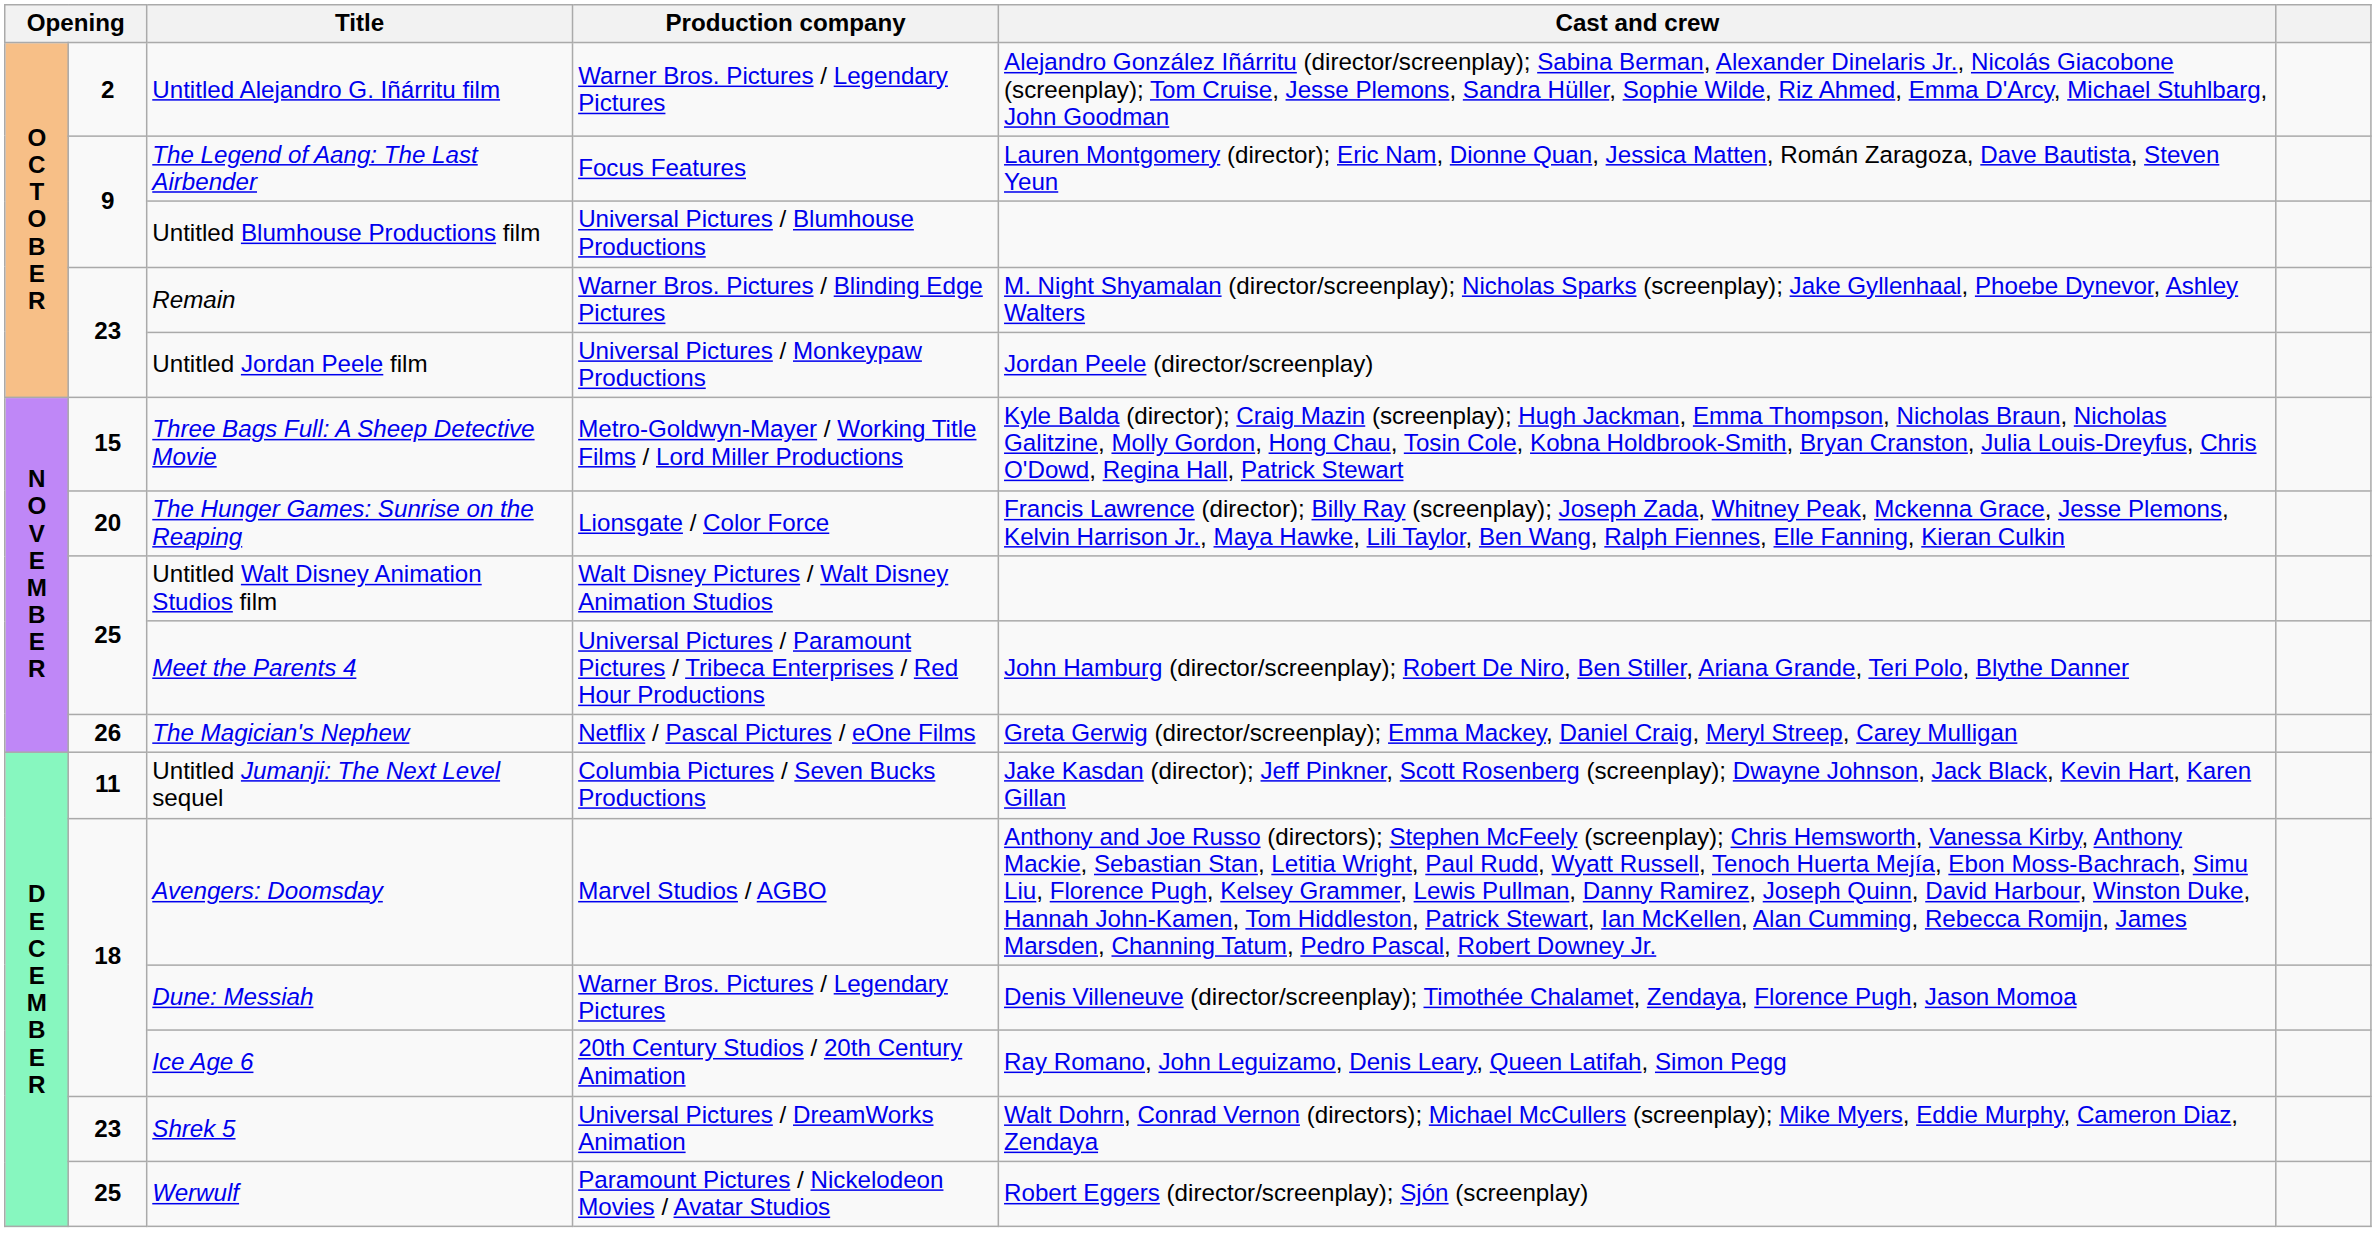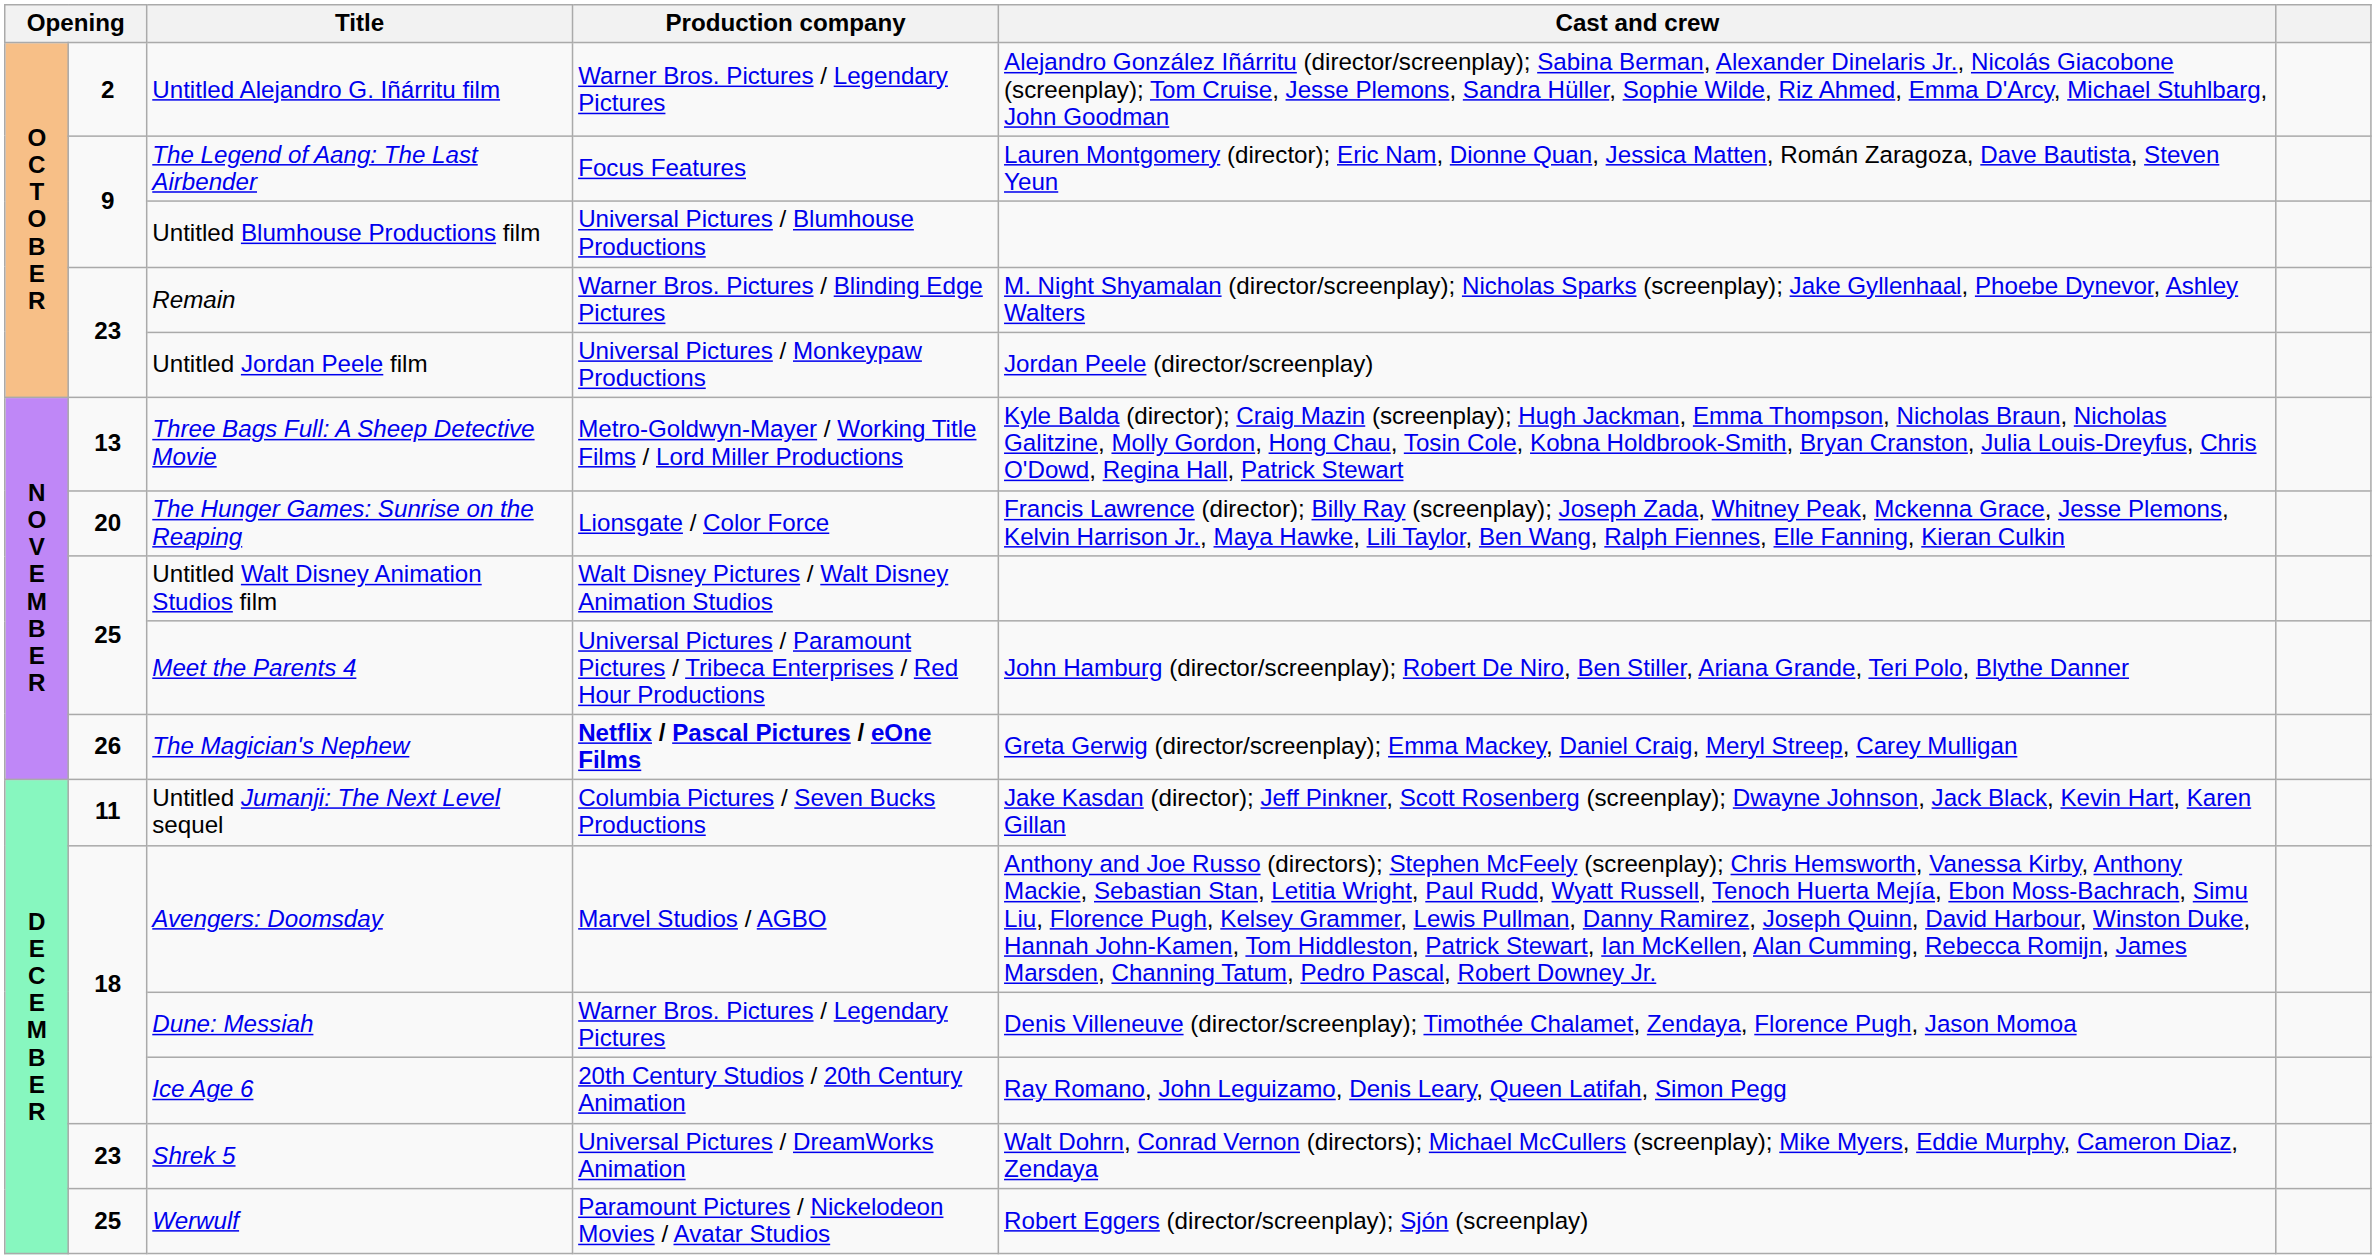 <table class="wikitable sortable">
 <tr>
 <th colspan="2" style="width:6%;">Opening</th>
 <th style="width:18%;">Title</th>
 <th style="width:18%;">Production company</th>
 <th>Cast and crew</th>
 <th style="width:4%;"  class="unsortable"></th>
 </tr>
 <tr>
 <th rowspan="5" style="text-align:center; background:#f7bf87; textcolor:#000;">O<br>C<br>T<br>O<br>B<br>E<br>R</th>
 <td rowspan="1" style="text-align:center"><strong>2</strong></td>
 <td><a href='#'>Untitled Alejandro G. Iñárritu film</a></td>
 <td><a href='#'>Warner Bros. Pictures</a> / <a href='#'>Legendary Pictures</a></td>
 <td><a href='#'>Alejandro González Iñárritu</a> (director/screenplay); <a href='#'>Sabina Berman</a>, <a href='#'>Alexander Dinelaris Jr.</a>, <a href='#'>Nicolás Giacobone</a> (screenplay); <a href='#'>Tom Cruise</a>, <a href='#'>Jesse Plemons</a>, <a href='#'>Sandra Hüller</a>, <a href='#'>Sophie Wilde</a>, <a href='#'>Riz Ahmed</a>, <a href='#'>Emma D'Arcy</a>, <a href='#'>Michael Stuhlbarg</a>, <a href='#'>John Goodman</a></td>
 <td style="text-align:center"></td>
 </tr>
 <tr>
 <td rowspan="2" style="text-align:center"><strong>9</strong></td>
 <td><em><a href='#'>The Legend of Aang: The Last Airbender</a></em></td>
 <td><a href='#'>Focus Features</a></td>
 <td><a href='#'>Lauren Montgomery</a> (director); <a href='#'>Eric Nam</a>, <a href='#'>Dionne Quan</a>, <a href='#'>Jessica Matten</a>, Román Zaragoza, <a href='#'>Dave Bautista</a>, <a href='#'>Steven Yeun</a></td>
 <td style="text-align:center"></td>
 </tr>
 <tr>
 <td>Untitled <a href='#'>Blumhouse Productions</a> film</td>
 <td><a href='#'>Universal Pictures</a> / <a href='#'>Blumhouse Productions</a></td>
 <td></td>
 <td style="text-align:center"></td>
 </tr>
 <tr>
 <td rowspan="2" style="text-align:center"><strong>23</strong></td>
 <td><em>Remain</em></td>
 <td><a href='#'>Warner Bros. Pictures</a> / <a href='#'>Blinding Edge Pictures</a></td>
 <td><a href='#'>M. Night Shyamalan</a> (director/screenplay); <a href='#'>Nicholas Sparks</a> (screenplay); <a href='#'>Jake Gyllenhaal</a>, <a href='#'>Phoebe Dynevor</a>, <a href='#'>Ashley Walters</a></td>
 <td style="text-align:center"></td>
 </tr>
 <tr>
 <td>Untitled <a href='#'>Jordan Peele</a> film</td>
 <td><a href='#'>Universal Pictures</a> / <a href='#'>Monkeypaw Productions</a></td>
 <td><a href='#'>Jordan Peele</a> (director/screenplay)</td>
 <td style="text-align:center"></td>
 </tr>
 <tr>
 <th rowspan="5" style="text-align:center; background:#bf87f7; textcolor:#000;">N<br>O<br>V<br>E<br>M<br>B<br>E<br>R</th>
-<td rowspan="1" style="text-align:center"><strong>15</strong></td>
+<td rowspan="1" style="text-align:center"><strong>13</strong></td>
 <td><em><a href='#'>Three Bags Full: A Sheep Detective Movie</a></em></td>
 <td><a href='#'>Metro-Goldwyn-Mayer</a> / <a href='#'>Working Title Films</a> / <a href='#'>Lord Miller Productions</a></td>
 <td><a href='#'>Kyle Balda</a> (director); <a href='#'>Craig Mazin</a> (screenplay); <a href='#'>Hugh Jackman</a>, <a href='#'>Emma Thompson</a>, <a href='#'>Nicholas Braun</a>, <a href='#'>Nicholas Galitzine</a>, <a href='#'>Molly Gordon</a>, <a href='#'>Hong Chau</a>, <a href='#'>Tosin Cole</a>, <a href='#'>Kobna Holdbrook-Smith</a>, <a href='#'>Bryan Cranston</a>, <a href='#'>Julia Louis-Dreyfus</a>, <a href='#'>Chris O'Dowd</a>, <a href='#'>Regina Hall</a>, <a href='#'>Patrick Stewart</a></td>
 <td style="text-align:center"></td>
 </tr>
 <tr Fast X Part 2>
 <td rowspan="1" style="text-align:center"><strong>20</strong></td>
 <td><em><a href='#'>The Hunger Games: Sunrise on the Reaping</a></em></td>
 <td><a href='#'>Lionsgate</a> / <a href='#'>Color Force</a></td>
 <td><a href='#'>Francis Lawrence</a> (director); <a href='#'>Billy Ray</a> (screenplay); <a href='#'>Joseph Zada</a>, <a href='#'>Whitney Peak</a>, <a href='#'>Mckenna Grace</a>, <a href='#'>Jesse Plemons</a>, <a href='#'>Kelvin Harrison Jr.</a>, <a href='#'>Maya Hawke</a>, <a href='#'>Lili Taylor</a>, <a href='#'>Ben Wang</a>, <a href='#'>Ralph Fiennes</a>, <a href='#'>Elle Fanning</a>, <a href='#'>Kieran Culkin</a></td>
 <td style="text-align:center"></td>
 </tr>
 <tr>
 <td rowspan="2" style="text-align:center"><strong>25</strong></td>
 <td>Untitled <a href='#'>Walt Disney Animation Studios</a> film</td>
 <td><a href='#'>Walt Disney Pictures</a> / <a href='#'>Walt Disney Animation Studios</a></td>
 <td></td>
 <td style="text-align:center"></td>
 </tr>
 <tr>
 <td><em><a href='#'>Meet the Parents 4</a></em></td>
 <td><a href='#'>Universal Pictures</a> / <a href='#'>Paramount Pictures</a> / <a href='#'>Tribeca Enterprises</a> / <a href='#'>Red Hour Productions</a></td>
 <td><a href='#'>John Hamburg</a> (director/screenplay); <a href='#'>Robert De Niro</a>, <a href='#'>Ben Stiller</a>, <a href='#'>Ariana Grande</a>, <a href='#'>Teri Polo</a>, <a href='#'>Blythe Danner</a></td>
 <td style="text-align:center"></td>
 </tr>
 <tr>
 <td rowspan="1" style="text-align:center"><strong>26</strong></td>
 <td><em><a href='#'>The Magician's Nephew</a></em></td>
-<td><a href='#'>Netflix</a> / <a href='#'>Pascal Pictures</a> / <a href='#'>eOne Films</a></td>
+<td><strong><a href='#'>Netflix</a> / <a href='#'>Pascal Pictures</a> / <a href='#'>eOne Films</a></strong></td>
 <td><a href='#'>Greta Gerwig</a> (director/screenplay); <a href='#'>Emma Mackey</a>, <a href='#'>Daniel Craig</a>, <a href='#'>Meryl Streep</a>, <a href='#'>Carey Mulligan</a></td>
 <td style="text-align:center"></td>
 </tr>
 <tr>
 <th rowspan="6" style="text-align: center; background:#87f7bf; textcolor:#000;">D<br>E<br>C<br>E<br>M<br>B<br>E<br>R</th>
 <td style="text-align: center;"><strong>11</strong></td>
 <td>Untitled <em><a href='#'>Jumanji: The Next Level</a></em> sequel</td>
 <td><a href='#'>Columbia Pictures</a> / <a href='#'>Seven Bucks Productions</a></td>
 <td><a href='#'>Jake Kasdan</a> (director); <a href='#'>Jeff Pinkner</a>, <a href='#'>Scott Rosenberg</a> (screenplay); <a href='#'>Dwayne Johnson</a>, <a href='#'>Jack Black</a>, <a href='#'>Kevin Hart</a>, <a href='#'>Karen Gillan</a></td>
 <td style="text-align: center;"></td>
 </tr>
 <tr>
 <td rowspan="3" style="text-align:center"><strong>18</strong></td>
 <td><em><a href='#'>Avengers: Doomsday</a></em></td>
 <td><a href='#'>Marvel Studios</a> / <a href='#'>AGBO</a></td>
 <td><a href='#'>Anthony and Joe Russo</a> (directors); <a href='#'>Stephen McFeely</a> (screenplay); <a href='#'>Chris Hemsworth</a>, <a href='#'>Vanessa Kirby</a>, <a href='#'>Anthony Mackie</a>, <a href='#'>Sebastian Stan</a>, <a href='#'>Letitia Wright</a>, <a href='#'>Paul Rudd</a>, <a href='#'>Wyatt Russell</a>, <a href='#'>Tenoch Huerta Mejía</a>, <a href='#'>Ebon Moss-Bachrach</a>, <a href='#'>Simu Liu</a>, <a href='#'>Florence Pugh</a>, <a href='#'>Kelsey Grammer</a>, <a href='#'>Lewis Pullman</a>, <a href='#'>Danny Ramirez</a>, <a href='#'>Joseph Quinn</a>, <a href='#'>David Harbour</a>, <a href='#'>Winston Duke</a>, <a href='#'>Hannah John-Kamen</a>, <a href='#'>Tom Hiddleston</a>, <a href='#'>Patrick Stewart</a>, <a href='#'>Ian McKellen</a>, <a href='#'>Alan Cumming</a>, <a href='#'>Rebecca Romijn</a>, <a href='#'>James Marsden</a>, <a href='#'>Channing Tatum</a>, <a href='#'>Pedro Pascal</a>, <a href='#'>Robert Downey Jr.</a></td>
 <td style="text-align:center"></td>
 </tr>
 <tr>
 <td><em><a href='#'> Dune: Messiah</a></em></td>
 <td><a href='#'>Warner Bros. Pictures</a> / <a href='#'>Legendary Pictures</a></td>
 <td><a href='#'>Denis Villeneuve</a> (director/screenplay); <a href='#'>Timothée Chalamet</a>, <a href='#'>Zendaya</a>, <a href='#'>Florence Pugh</a>, <a href='#'>Jason Momoa</a></td>
 <td style="text-align:center"></td>
 </tr>
 <tr>
 <td><em><a href='#'>Ice Age 6</a></em></td>
 <td><a href='#'>20th Century Studios</a> / <a href='#'>20th Century Animation</a></td>
 <td><a href='#'>Ray Romano</a>, <a href='#'>John Leguizamo</a>, <a href='#'>Denis Leary</a>, <a href='#'>Queen Latifah</a>, <a href='#'>Simon Pegg</a></td>
 <td style="text-align:center"></td>
 </tr>
 <tr>
 <td rowspan="1" style="text-align:center"><strong>23</strong></td>
 <td><em><a href='#'>Shrek 5</a></em></td>
 <td><a href='#'>Universal Pictures</a> / <a href='#'>DreamWorks Animation</a></td>
 <td><a href='#'>Walt Dohrn</a>, <a href='#'>Conrad Vernon</a> (directors); <a href='#'>Michael McCullers</a> (screenplay); <a href='#'>Mike Myers</a>, <a href='#'>Eddie Murphy</a>, <a href='#'>Cameron Diaz</a>, <a href='#'>Zendaya</a></td>
 <td style="text-align:center"></td>
 </tr>
 <tr>
 <td rowspan="1" style="text-align:center"><strong>25</strong></td>
 <td><em><a href='#'>Werwulf</a></em></td>
 <td><a href='#'>Paramount Pictures</a> / <a href='#'>Nickelodeon Movies</a> / <a href='#'>Avatar Studios</a></td>
 <td><a href='#'>Robert Eggers</a> (director/screenplay); <a href='#'>Sjón</a> (screenplay)</td>
 <td style="text-align:center"></td>
 </tr>
 </table>
